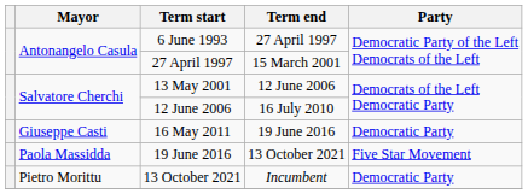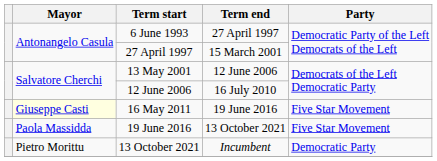 <table class="wikitable">
 <tr>
 <th class=unsortable> </th>
 <th>Mayor</th>
 <th>Term start</th>
 <th>Term end</th>
 <th>Party</th>
 </tr>
 <tr>
 <th rowspan=2 style="background:"></th>
 <td rowspan=2><a href='#'>Antonangelo Casula</a></td>
 <td align=center>6 June 1993</td>
 <td align=center>27 April 1997</td>
 <td rowspan=2><a href='#'>Democratic Party of the Left</a><br><a href='#'>Democrats of the Left</a></td>
 </tr>
 <tr>
 <td align=center>27 April 1997</td>
 <td align=center>15 March 2001</td>
 </tr>
 <tr>
 <th rowspan=2 style="background:"></th>
 <td rowspan=2><a href='#'>Salvatore Cherchi</a></td>
 <td align=center>13 May 2001</td>
 <td align=center>12 June 2006</td>
 <td rowspan=2><a href='#'>Democrats of the Left</a><br><a href='#'>Democratic Party</a></td>
 </tr>
 <tr>
 <td align=center>12 June 2006</td>
 <td align=center>16 July 2010</td>
 </tr>
 <tr>
 <th style="background:"></th>
-<td><a href='#'>Giuseppe Casti</a></td>
+<td style="background: lightyellow;"><a href='#'>Giuseppe Casti</a></td>
 <td align=center>16 May 2011</td>
 <td align=center>19 June 2016</td>
-<td><a href='#'>Democratic Party</a></td>
+<td><a href='#'>Five Star Movement</a></td>
 </tr>
 <tr>
 <th style="background:"></th>
 <td><a href='#'>Paola Massidda</a></td>
 <td align=center>19 June 2016</td>
 <td align=center>13 October 2021</td>
 <td><a href='#'>Five Star Movement</a></td>
 </tr>
 <tr>
 <th style="background:"></th>
 <td>Pietro Morittu</td>
 <td align=center>13 October 2021</td>
 <td align=center><em>Incumbent</em></td>
 <td><a href='#'>Democratic Party</a></td>
 </tr>
 <tr>
 </tr>
 </table>
